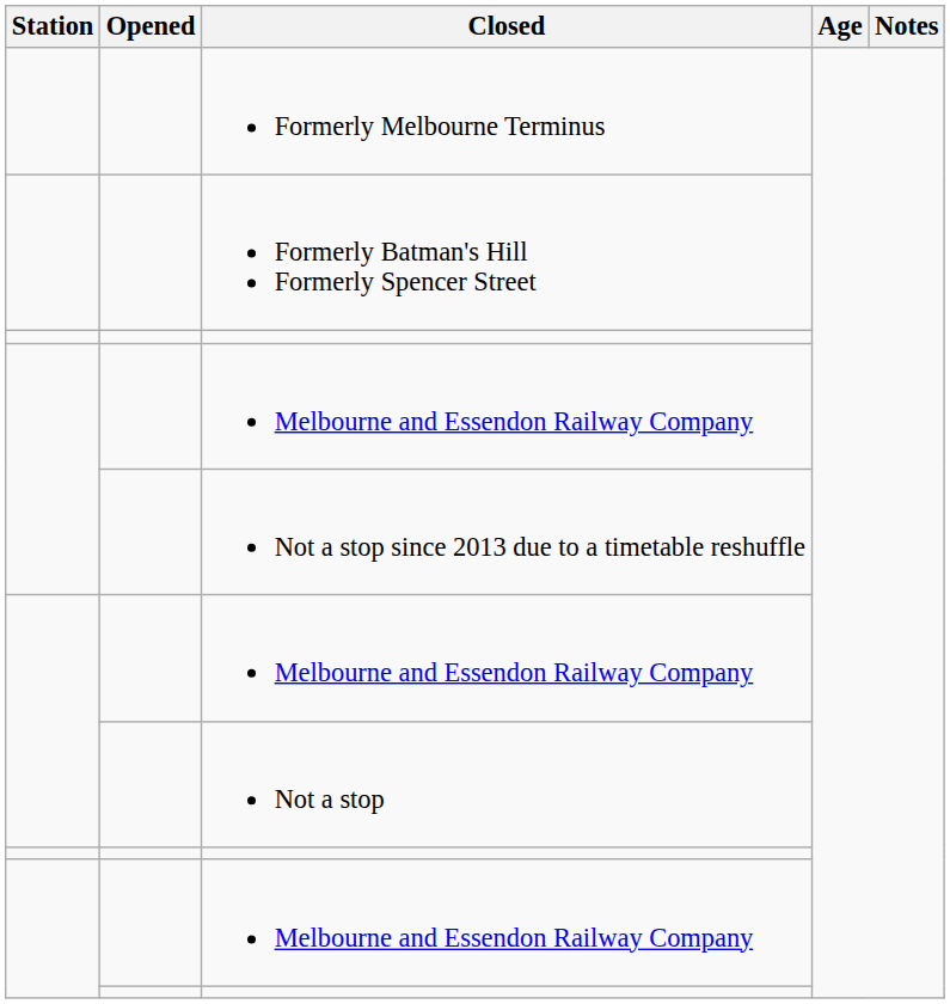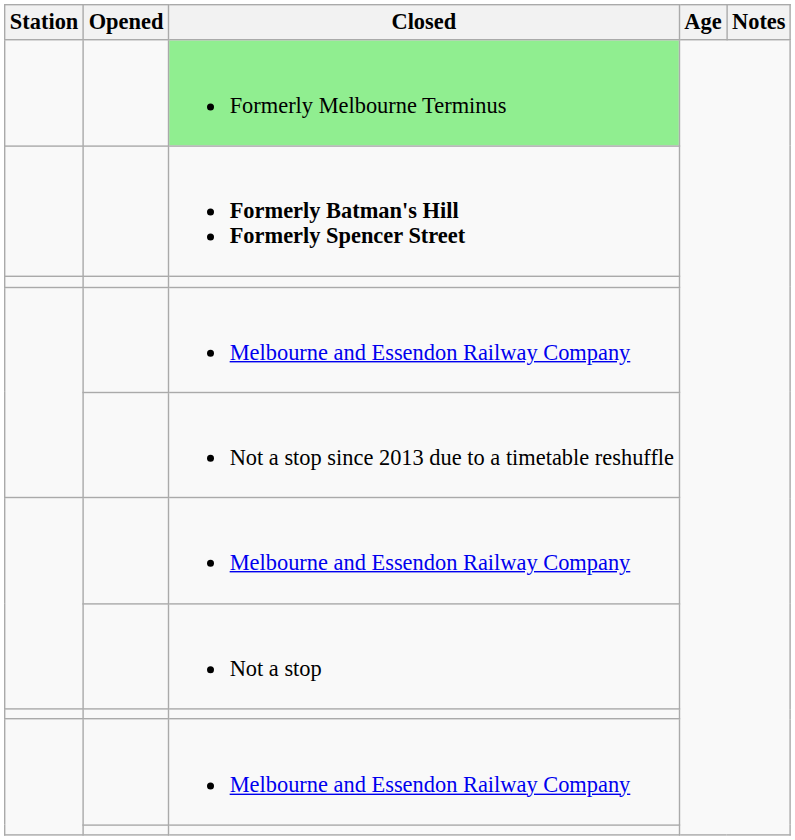 <table class="wikitable sortable mw-collapsible mw-collapsed">
 <tr>
 <th>Station</th>
 <th>Opened</th>
 <th>Closed</th>
 <th>Age</th>
 <th scope=col class=unsortable>Notes</th>
 </tr>
 <tr>
 <td></td>
 <td></td>
-<td><br><ul><li>Formerly Melbourne Terminus</li></ul></td>
+<td style="background: lightgreen;"><br><ul><li>Formerly Melbourne Terminus</li></ul></td>
 </tr>
 <tr>
 <td></td>
 <td></td>
-<td><br><ul><li>Formerly Batman's Hill</li><li>Formerly Spencer Street</li></ul></td>
+<td><strong><br><ul><li>Formerly Batman's Hill</li><li>Formerly Spencer Street</li></ul></strong></td>
 </tr>
 <tr>
 <td></td>
 <td></td>
 <td></td>
 </tr>
 <tr>
 <td rowspan="2"></td>
 <td></td>
 <td><br><ul><li><a href='#'>Melbourne and Essendon Railway Company</a></li></ul></td>
 </tr>
 <tr>
 <td></td>
 <td><br><ul><li>Not a stop since 2013 due to a timetable reshuffle</li></ul></td>
 </tr>
 <tr>
 <td rowspan="2"></td>
 <td></td>
 <td><br><ul><li><a href='#'>Melbourne and Essendon Railway Company</a></li></ul></td>
 </tr>
 <tr>
 <td></td>
 <td><br><ul><li>Not a stop</li></ul></td>
 </tr>
 <tr>
 <td></td>
 <td></td>
 <td></td>
 </tr>
 <tr>
 <td rowspan="2"></td>
 <td></td>
 <td><br><ul><li><a href='#'>Melbourne and Essendon Railway Company</a></li></ul></td>
 </tr>
 <tr>
 <td></td>
 <td></td>
 </tr>
 </table>
